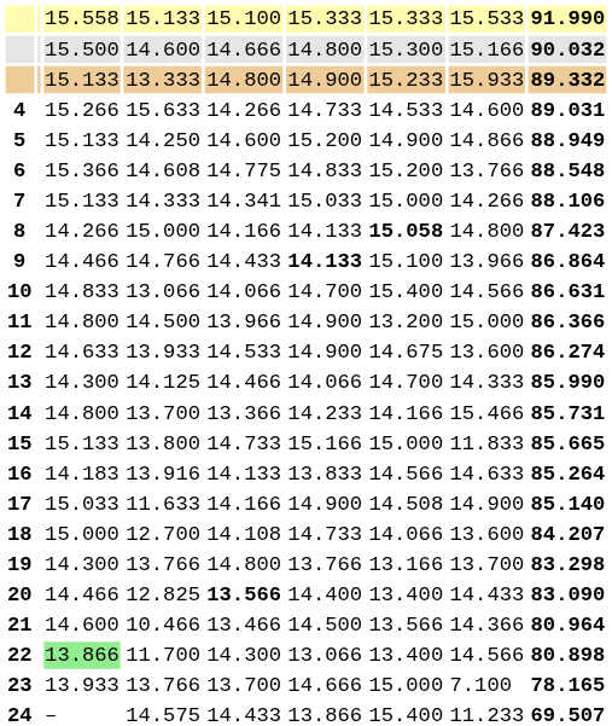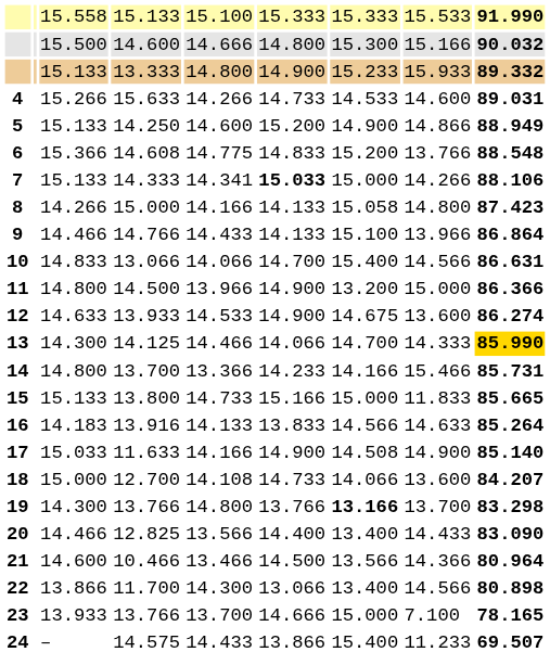 <table>
 <tr style="background:#fffcaf;">
 <th scope=row style="text-align:center"></th>
 <td align=left></td>
 <td>15.558</td>
 <td>15.133</td>
 <td>15.100</td>
 <td>15.333</td>
 <td>15.333</td>
 <td>15.533</td>
 <td><strong>91.990</strong></td>
 </tr>
 <tr style="background:#e5e5e5;">
 <th scope=row style="text-align:center"></th>
 <td align=left></td>
 <td>15.500</td>
 <td>14.600</td>
 <td>14.666</td>
 <td>14.800</td>
 <td>15.300</td>
 <td>15.166</td>
 <td><strong>90.032</strong></td>
 </tr>
 <tr style="background:#ec9;">
 <th scope=row style="text-align:center"></th>
 <td align=left></td>
 <td>15.133</td>
 <td>13.333</td>
 <td>14.800</td>
 <td>14.900</td>
 <td>15.233</td>
 <td>15.933</td>
 <td><strong>89.332</strong></td>
 </tr>
 <tr>
 <th scope=row style="text-align:center">4</th>
 <td align=left></td>
 <td>15.266</td>
 <td>15.633</td>
 <td>14.266</td>
 <td>14.733</td>
 <td>14.533</td>
 <td>14.600</td>
 <td><strong>89.031</strong></td>
 </tr>
 <tr>
 <th scope=row style="text-align:center">5</th>
 <td align=left></td>
 <td>15.133</td>
 <td>14.250</td>
 <td>14.600</td>
 <td>15.200</td>
 <td>14.900</td>
 <td>14.866</td>
 <td><strong>88.949</strong></td>
 </tr>
 <tr>
 <th scope=row style="text-align:center">6</th>
 <td align=left></td>
 <td>15.366</td>
 <td>14.608</td>
 <td>14.775</td>
 <td>14.833</td>
 <td>15.200</td>
 <td>13.766</td>
 <td><strong>88.548</strong></td>
 </tr>
 <tr>
 <th scope=row style="text-align:center">7</th>
 <td align=left></td>
 <td>15.133</td>
 <td>14.333</td>
 <td>14.341</td>
-<td>15.033</td>
+<td><strong>15.033</strong></td>
 <td>15.000</td>
 <td>14.266</td>
 <td><strong>88.106</strong></td>
 </tr>
 <tr>
 <th scope=row style="text-align:center">8</th>
 <td align=left></td>
 <td>14.266</td>
 <td>15.000</td>
 <td>14.166</td>
 <td>14.133</td>
-<td><strong>15.058</strong></td>
+<td>15.058</td>
 <td>14.800</td>
 <td><strong>87.423</strong></td>
 </tr>
 <tr>
 <th scope=row style="text-align:center">9</th>
 <td align=left></td>
 <td>14.466</td>
 <td>14.766</td>
 <td>14.433</td>
-<td><strong>14.133</strong></td>
+<td>14.133</td>
 <td>15.100</td>
 <td>13.966</td>
 <td><strong>86.864</strong></td>
 </tr>
 <tr>
 <th scope=row style="text-align:center">10</th>
 <td align=left></td>
 <td>14.833</td>
 <td>13.066</td>
 <td>14.066</td>
 <td>14.700</td>
 <td>15.400</td>
 <td>14.566</td>
 <td><strong>86.631</strong></td>
 </tr>
 <tr>
 <th scope=row style="text-align:center">11</th>
 <td align=left></td>
 <td>14.800</td>
 <td>14.500</td>
 <td>13.966</td>
 <td>14.900</td>
 <td>13.200</td>
 <td>15.000</td>
 <td><strong>86.366</strong></td>
 </tr>
 <tr>
 <th scope=row style="text-align:center">12</th>
 <td align=left></td>
 <td>14.633</td>
 <td>13.933</td>
 <td>14.533</td>
 <td>14.900</td>
 <td>14.675</td>
 <td>13.600</td>
 <td><strong>86.274</strong></td>
 </tr>
 <tr>
 <th scope=row style="text-align:center">13</th>
 <td align=left></td>
 <td>14.300</td>
 <td>14.125</td>
 <td>14.466</td>
 <td>14.066</td>
 <td>14.700</td>
 <td>14.333</td>
-<td><strong>85.990</strong></td>
+<td style="background: gold;"><strong>85.990</strong></td>
 </tr>
 <tr>
 <th scope=row style="text-align:center">14</th>
 <td align=left></td>
 <td>14.800</td>
 <td>13.700</td>
 <td>13.366</td>
 <td>14.233</td>
 <td>14.166</td>
 <td>15.466</td>
 <td><strong>85.731</strong></td>
 </tr>
 <tr>
 <th scope=row style="text-align:center">15</th>
 <td align=left></td>
 <td>15.133</td>
 <td>13.800</td>
 <td>14.733</td>
 <td>15.166</td>
 <td>15.000</td>
 <td>11.833</td>
 <td><strong>85.665</strong></td>
 </tr>
 <tr>
 <th scope=row style="text-align:center">16</th>
 <td align=left></td>
 <td>14.183</td>
 <td>13.916</td>
 <td>14.133</td>
 <td>13.833</td>
 <td>14.566</td>
 <td>14.633</td>
 <td><strong>85.264</strong></td>
 </tr>
 <tr>
 <th scope=row style="text-align:center">17</th>
 <td align=left></td>
 <td>15.033</td>
 <td>11.633</td>
 <td>14.166</td>
 <td>14.900</td>
 <td>14.508</td>
 <td>14.900</td>
 <td><strong>85.140</strong></td>
 </tr>
 <tr>
 <th scope=row style="text-align:center">18</th>
 <td align=left></td>
 <td>15.000</td>
 <td>12.700</td>
 <td>14.108</td>
 <td>14.733</td>
 <td>14.066</td>
 <td>13.600</td>
 <td><strong>84.207</strong></td>
 </tr>
 <tr>
 <th scope=row style="text-align:center">19</th>
 <td align=left></td>
 <td>14.300</td>
 <td>13.766</td>
 <td>14.800</td>
 <td>13.766</td>
-<td>13.166</td>
+<td><strong>13.166</strong></td>
 <td>13.700</td>
 <td><strong>83.298</strong></td>
 </tr>
 <tr>
 <th scope=row style="text-align:center">20</th>
 <td align=left></td>
 <td>14.466</td>
 <td>12.825</td>
-<td><strong>13.566</strong></td>
+<td>13.566</td>
 <td>14.400</td>
 <td>13.400</td>
 <td>14.433</td>
 <td><strong>83.090</strong></td>
 </tr>
 <tr>
 <th scope=row style="text-align:center">21</th>
 <td align=left></td>
 <td>14.600</td>
 <td>10.466</td>
 <td>13.466</td>
 <td>14.500</td>
 <td>13.566</td>
 <td>14.366</td>
 <td><strong>80.964</strong></td>
 </tr>
 <tr>
 <th scope=row style="text-align:center">22</th>
 <td align=left></td>
-<td style="background: lightgreen;">13.866</td>
+<td>13.866</td>
 <td>11.700</td>
 <td>14.300</td>
 <td>13.066</td>
 <td>13.400</td>
 <td>14.566</td>
 <td><strong>80.898</strong></td>
 </tr>
 <tr>
 <th scope=row style="text-align:center">23</th>
 <td align=left></td>
 <td>13.933</td>
 <td>13.766</td>
 <td>13.700</td>
 <td>14.666</td>
 <td>15.000</td>
 <td>7.100</td>
 <td><strong>78.165</strong></td>
 </tr>
 <tr>
 <th scope=row style="text-align:center">24</th>
 <td align=left></td>
 <td>–</td>
 <td>14.575</td>
 <td>14.433</td>
 <td>13.866</td>
 <td>15.400</td>
 <td>11.233</td>
 <td><strong>69.507</strong></td>
 </tr>
 </table>
